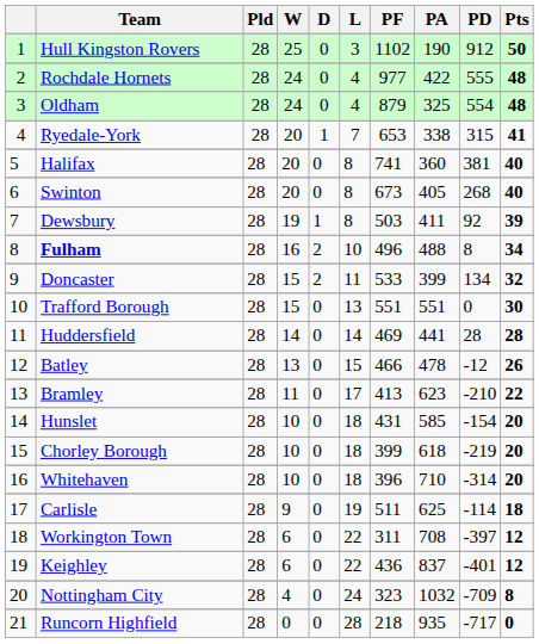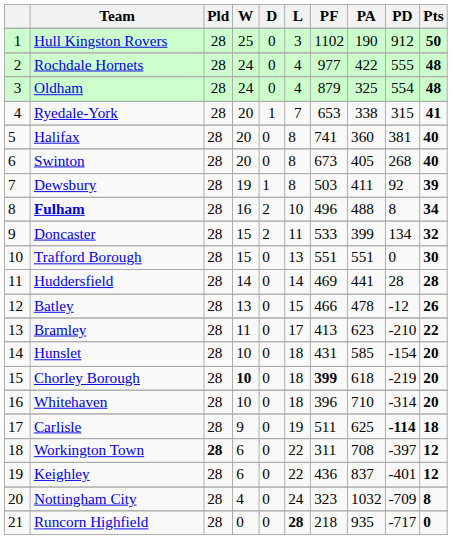 <table class="wikitable" style="text-align:center;">
 <tr>
 <th width=20 abbr="Position"></th>
 <th width=175>Team</th>
 <th width=20 abbr="Played">Pld</th>
 <th width=20 abbr="Won">W</th>
 <th width=20 abbr="Drawn">D</th>
 <th width=20 abbr="Lost">L</th>
 <th width=20 abbr="Points for">PF</th>
 <th width=20 abbr="Points against">PA</th>
 <th width=25 abbr="Points difference">PD</th>
 <th width=20 abbr="Points">Pts</th>
 </tr>
 <tr>
 </tr>
 <tr |- align=center style="background:#cfc;">
 <td>1</td>
 <td align=left style="background#cfc:"><a href='#'>Hull Kingston Rovers</a></td>
 <td>28</td>
 <td>25</td>
 <td>0</td>
 <td>3</td>
 <td>1102</td>
 <td>190</td>
 <td>912</td>
 <td><strong>50</strong></td>
 </tr>
 <tr --->
 </tr>
 <tr align=center style="background:#cfc;">
 <td>2</td>
 <td align=left style="background#cfc:"><a href='#'>Rochdale Hornets</a></td>
 <td>28</td>
 <td>24</td>
 <td>0</td>
 <td>4</td>
 <td>977</td>
 <td>422</td>
 <td>555</td>
 <td><strong>48</strong></td>
 </tr>
 <tr --->
 </tr>
 <tr align=center style="background:#cfc;">
 <td>3</td>
 <td align=left style="background#cfc:"><a href='#'>Oldham</a></td>
 <td>28</td>
 <td>24</td>
 <td>0</td>
 <td>4</td>
 <td>879</td>
 <td>325</td>
 <td>554</td>
 <td><strong>48</strong></td>
 </tr>
 <tr --->
 </tr>
 <tr align=center style="background:">
 <td>4</td>
 <td align=left style="background#cfc:"><a href='#'>Ryedale-York</a></td>
 <td>28</td>
 <td>20</td>
 <td>1</td>
 <td>7</td>
 <td>653</td>
 <td>338</td>
 <td>315</td>
 <td><strong>41</strong></td>
 </tr>
 <tr --->
 </tr>
 <tr align=left style="background:">
 <td>5</td>
 <td style="text-align:left;"><a href='#'>Halifax</a></td>
 <td>28</td>
 <td>20</td>
 <td>0</td>
 <td>8</td>
 <td>741</td>
 <td>360</td>
 <td>381</td>
 <td><strong>40</strong></td>
 </tr>
 <tr --->
 </tr>
 <tr align=left style="background:">
 <td>6</td>
 <td style="text-align:left;"><a href='#'>Swinton</a></td>
 <td>28</td>
 <td>20</td>
 <td>0</td>
 <td>8</td>
 <td>673</td>
 <td>405</td>
 <td>268</td>
 <td><strong>40</strong></td>
 </tr>
 <tr --->
 </tr>
 <tr align=left style="background:">
 <td>7</td>
 <td style="text-align:left;"><a href='#'>Dewsbury</a></td>
 <td>28</td>
 <td>19</td>
 <td>1</td>
 <td>8</td>
 <td>503</td>
 <td>411</td>
 <td>92</td>
 <td><strong>39</strong></td>
 </tr>
 <tr --->
 </tr>
 <tr align=left style="background:">
 <td>8</td>
 <td style="text-align:left;"><strong><a href='#'>Fulham</a></strong></td>
 <td>28</td>
 <td>16</td>
 <td>2</td>
 <td>10</td>
 <td>496</td>
 <td>488</td>
 <td>8</td>
 <td><strong>34</strong></td>
 </tr>
 <tr --->
 </tr>
 <tr align=left style="background:">
 <td>9</td>
 <td style="text-align:left;"><a href='#'>Doncaster</a></td>
 <td>28</td>
 <td>15</td>
 <td>2</td>
 <td>11</td>
 <td>533</td>
 <td>399</td>
 <td>134</td>
 <td><strong>32</strong></td>
 </tr>
 <tr --->
 </tr>
 <tr align=left style="background:">
 <td>10</td>
 <td style="text-align:left;"><a href='#'>Trafford Borough</a></td>
 <td>28</td>
 <td>15</td>
 <td>0</td>
 <td>13</td>
 <td>551</td>
 <td>551</td>
 <td>0</td>
 <td><strong>30</strong></td>
 </tr>
 <tr --->
 </tr>
 <tr align=left style="background:">
 <td>11</td>
 <td style="text-align:left;"><a href='#'>Huddersfield</a></td>
 <td>28</td>
 <td>14</td>
 <td>0</td>
 <td>14</td>
 <td>469</td>
 <td>441</td>
 <td>28</td>
 <td><strong>28</strong></td>
 </tr>
 <tr --->
 </tr>
 <tr align=left style="background:">
 <td>12</td>
 <td style="text-align:left;"><a href='#'>Batley</a></td>
 <td>28</td>
 <td>13</td>
 <td>0</td>
 <td>15</td>
 <td>466</td>
 <td>478</td>
 <td>-12</td>
 <td><strong>26</strong></td>
 </tr>
 <tr --->
 </tr>
 <tr align=left style="background:">
 <td>13</td>
 <td style="text-align:left;"><a href='#'>Bramley</a></td>
 <td>28</td>
 <td>11</td>
 <td>0</td>
 <td>17</td>
 <td>413</td>
 <td>623</td>
 <td>-210</td>
 <td><strong>22</strong></td>
 </tr>
 <tr --->
 </tr>
 <tr align=left style="background:">
 <td>14</td>
 <td style="text-align:left;"><a href='#'>Hunslet</a></td>
 <td>28</td>
 <td>10</td>
 <td>0</td>
 <td>18</td>
 <td>431</td>
 <td>585</td>
 <td>-154</td>
 <td><strong>20</strong></td>
 </tr>
 <tr --->
 </tr>
 <tr align=left style="background:">
 <td>15</td>
 <td style="text-align:left;"><a href='#'>Chorley Borough</a></td>
 <td>28</td>
-<td>10</td>
+<td><strong>10</strong></td>
 <td>0</td>
 <td>18</td>
-<td>399</td>
+<td><strong>399</strong></td>
 <td>618</td>
 <td>-219</td>
 <td><strong>20</strong></td>
 </tr>
 <tr --->
 </tr>
 <tr align=left style="background:">
 <td>16</td>
 <td style="text-align:left;"><a href='#'>Whitehaven</a></td>
 <td>28</td>
 <td>10</td>
 <td>0</td>
 <td>18</td>
 <td>396</td>
 <td>710</td>
 <td>-314</td>
 <td><strong>20</strong></td>
 </tr>
 <tr --->
 </tr>
 <tr align=left style="background:">
 <td>17</td>
 <td style="text-align:left;"><a href='#'>Carlisle</a></td>
 <td>28</td>
 <td>9</td>
 <td>0</td>
 <td>19</td>
 <td>511</td>
 <td>625</td>
-<td>-114</td>
+<td><strong>-114</strong></td>
 <td><strong>18</strong></td>
 </tr>
 <tr --->
 </tr>
 <tr align=left style="background:">
 <td>18</td>
 <td style="text-align:left;"><a href='#'>Workington Town</a></td>
-<td>28</td>
+<td><strong>28</strong></td>
 <td>6</td>
 <td>0</td>
 <td>22</td>
 <td>311</td>
 <td>708</td>
 <td>-397</td>
 <td><strong>12</strong></td>
 </tr>
 <tr --->
 </tr>
 <tr align=left style="background:">
 <td>19</td>
 <td style="text-align:left;"><a href='#'>Keighley</a></td>
 <td>28</td>
 <td>6</td>
 <td>0</td>
 <td>22</td>
 <td>436</td>
 <td>837</td>
 <td>-401</td>
 <td><strong>12</strong></td>
 </tr>
 <tr --->
 </tr>
 <tr align=left style="background:">
 <td>20</td>
 <td style="text-align:left;"><a href='#'>Nottingham City</a></td>
 <td>28</td>
 <td>4</td>
 <td>0</td>
 <td>24</td>
 <td>323</td>
 <td>1032</td>
 <td>-709</td>
 <td><strong>8</strong></td>
 </tr>
 <tr --->
 </tr>
 <tr align=left style="background:">
 <td>21</td>
 <td style="text-align:left;"><a href='#'>Runcorn Highfield</a></td>
 <td>28</td>
 <td>0</td>
 <td>0</td>
-<td>28</td>
+<td><strong>28</strong></td>
 <td>218</td>
 <td>935</td>
 <td>-717</td>
 <td><strong>0</strong></td>
 </tr>
 </table>
